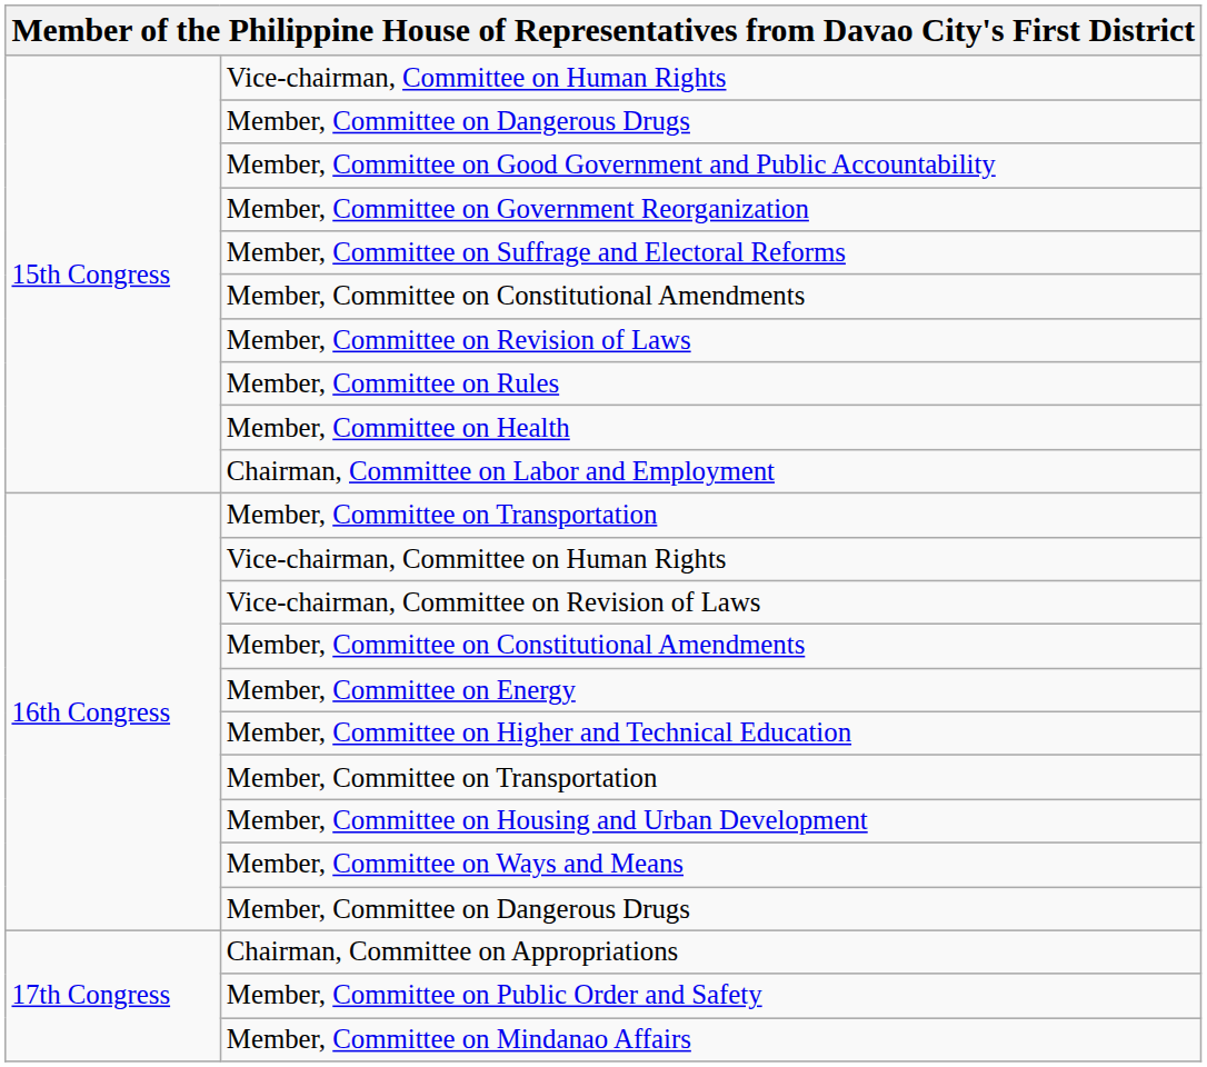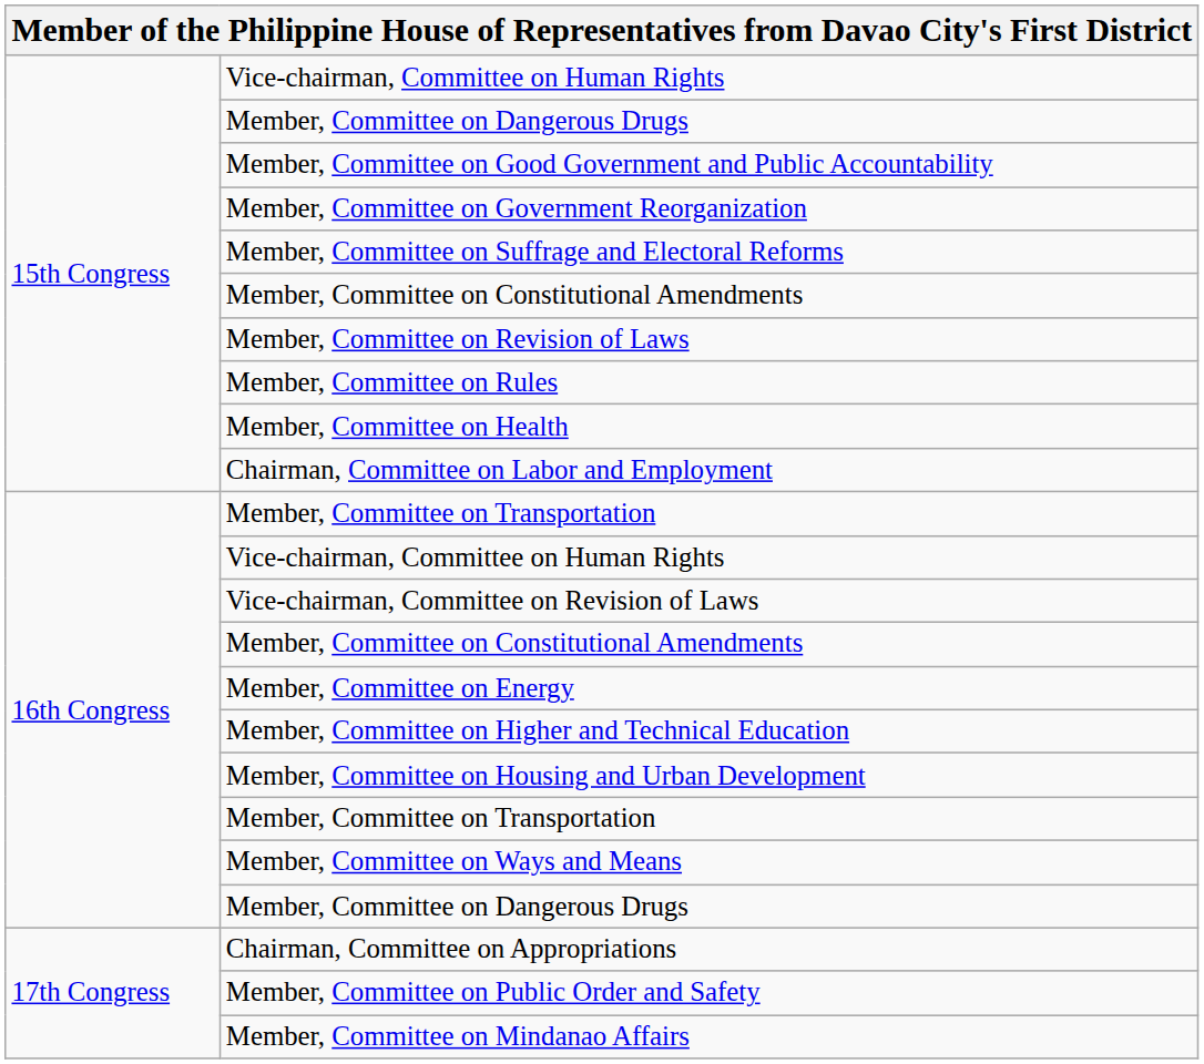 <table class="wikitable">
 <tr>
 <th colspan="2"><big>Member of the Philippine House of Representatives from Davao City's First District</big></th>
 </tr>
 <tr>
 <td rowspan="10"><a href='#'>15th Congress</a></td>
 <td>Vice-chairman, <a href='#'>Committee on Human Rights</a></td>
 </tr>
 <tr>
 <td>Member, <a href='#'>Committee on Dangerous Drugs</a></td>
 </tr>
 <tr>
 <td>Member, <a href='#'>Committee on Good Government and Public Accountability</a></td>
 </tr>
 <tr>
 <td>Member, <a href='#'>Committee on Government Reorganization</a></td>
 </tr>
 <tr>
 <td>Member, <a href='#'>Committee on Suffrage and Electoral Reforms</a></td>
 </tr>
 <tr>
 <td>Member, Committee on Constitutional Amendments</td>
 </tr>
 <tr>
 <td>Member, <a href='#'>Committee on Revision of Laws</a></td>
 </tr>
 <tr>
 <td>Member, <a href='#'>Committee on Rules</a></td>
 </tr>
 <tr>
 <td>Member, <a href='#'>Committee on Health</a></td>
 </tr>
 <tr>
 <td>Chairman, <a href='#'>Committee on Labor and Employment</a></td>
 </tr>
 <tr>
 <td rowspan="10"><a href='#'>16th Congress</a></td>
 <td>Member, <a href='#'>Committee on Transportation</a></td>
 </tr>
 <tr>
 <td>Vice-chairman, Committee on Human Rights</td>
 </tr>
 <tr>
 <td>Vice-chairman, Committee on Revision of Laws</td>
 </tr>
 <tr>
 <td>Member, <a href='#'>Committee on Constitutional Amendments</a></td>
 </tr>
 <tr>
 <td>Member, <a href='#'>Committee on Energy</a></td>
 </tr>
 <tr>
 <td>Member, <a href='#'>Committee on Higher and Technical Education</a></td>
 </tr>
 <tr>
-<td>Member, Committee on Transportation</td>
+<td>Member, <a href='#'>Committee on Housing and Urban Development</a></td>
 </tr>
 <tr>
-<td>Member, <a href='#'>Committee on Housing and Urban Development</a></td>
+<td>Member, Committee on Transportation</td>
 </tr>
 <tr>
 <td>Member, <a href='#'>Committee on Ways and Means</a></td>
 </tr>
 <tr>
 <td>Member, Committee on Dangerous Drugs</td>
 </tr>
 <tr>
 <td rowspan="3"><a href='#'>17th Congress</a></td>
 <td>Chairman, Committee on Appropriations</td>
 </tr>
 <tr>
 <td>Member, <a href='#'>Committee on Public Order and Safety</a></td>
 </tr>
 <tr>
 <td>Member, <a href='#'>Committee on Mindanao Affairs</a></td>
 </tr>
 </table>
